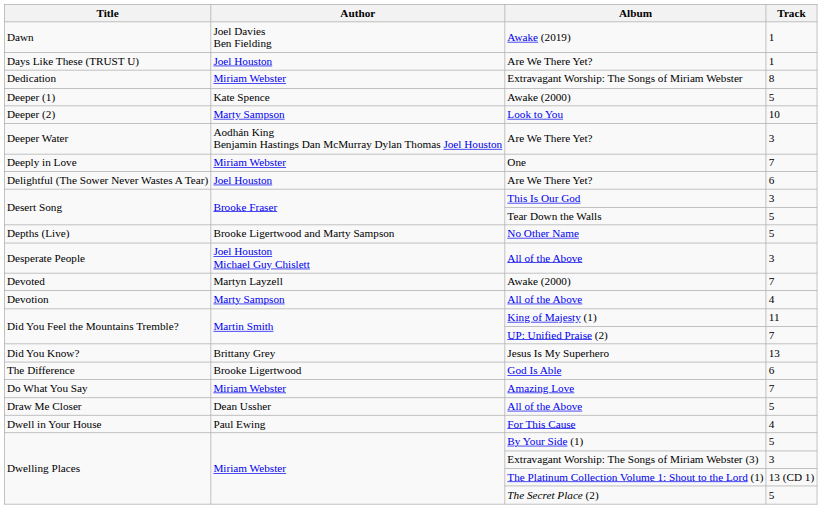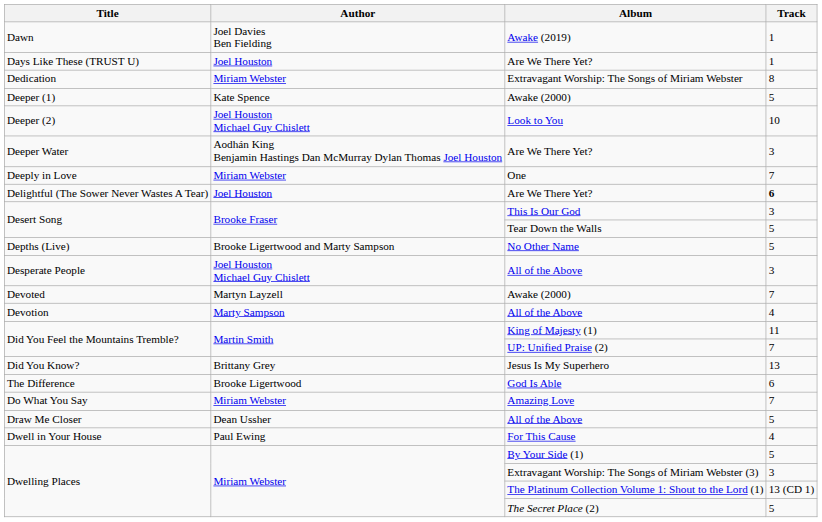 <table class="wikitable">
 <tr>
 <th>Title</th>
 <th>Author</th>
 <th>Album</th>
 <th>Track</th>
 </tr>
 <tr>
 <td>Dawn</td>
 <td>Joel Davies <br> Ben Fielding</td>
 <td><a href='#'>Awake</a> (2019)</td>
 <td>1</td>
 </tr>
 <tr>
 <td>Days Like These (TRUST U)</td>
 <td><a href='#'>Joel Houston</a></td>
 <td>Are We There Yet?</td>
 <td>1</td>
 </tr>
 <tr>
 <td>Dedication</td>
 <td><a href='#'>Miriam Webster</a></td>
 <td>Extravagant Worship: The Songs of Miriam Webster</td>
 <td>8</td>
 </tr>
 <tr>
 <td>Deeper (1)</td>
 <td>Kate Spence</td>
 <td>Awake (2000)</td>
 <td>5</td>
 </tr>
 <tr>
 <td>Deeper (2)</td>
-<td><a href='#'>Marty Sampson</a></td>
+<td><a href='#'>Joel Houston</a> <br> <a href='#'>Michael Guy Chislett</a></td>
 <td><a href='#'>Look to You</a></td>
 <td>10</td>
 </tr>
 <tr>
 <td>Deeper Water</td>
 <td>Aodhán King<br>Benjamin Hastings Dan McMurray Dylan Thomas <a href='#'>Joel Houston</a></td>
 <td>Are We There Yet?</td>
 <td>3</td>
 </tr>
 <tr>
 <td>Deeply in Love</td>
 <td><a href='#'>Miriam Webster</a></td>
 <td>One</td>
 <td>7</td>
 </tr>
 <tr>
 <td>Delightful (The Sower Never Wastes A Tear)</td>
 <td><a href='#'>Joel Houston</a></td>
 <td>Are We There Yet?</td>
-<td>6</td>
+<td><strong>6</strong></td>
 </tr>
 <tr>
 <td rowspan="2">Desert Song</td>
 <td rowspan="2"><a href='#'>Brooke Fraser</a></td>
 <td><a href='#'>This Is Our God</a></td>
 <td>3</td>
 </tr>
 <tr>
 <td>Tear Down the Walls</td>
 <td>5</td>
 </tr>
 <tr>
 <td>Depths (Live)</td>
 <td>Brooke Ligertwood and Marty Sampson</td>
 <td><a href='#'>No Other Name</a></td>
 <td>5</td>
 </tr>
 <tr>
 <td>Desperate People</td>
 <td><a href='#'>Joel Houston</a> <br> <a href='#'>Michael Guy Chislett</a></td>
 <td><a href='#'>All of the Above</a></td>
 <td>3</td>
 </tr>
 <tr>
 <td>Devoted</td>
 <td>Martyn Layzell</td>
 <td>Awake (2000)</td>
 <td>7</td>
 </tr>
 <tr>
 <td>Devotion</td>
 <td><a href='#'>Marty Sampson</a></td>
 <td><a href='#'>All of the Above</a></td>
 <td>4</td>
 </tr>
 <tr>
 <td rowspan="2">Did You Feel the Mountains Tremble?</td>
 <td rowspan="2"><a href='#'>Martin Smith</a></td>
 <td><a href='#'>King of Majesty</a> (1)</td>
 <td>11</td>
 </tr>
 <tr>
 <td><a href='#'>UP: Unified Praise</a> (2)</td>
 <td>7</td>
 </tr>
 <tr>
 <td>Did You Know?</td>
 <td>Brittany Grey</td>
 <td>Jesus Is My Superhero</td>
 <td>13</td>
 </tr>
 <tr>
 <td>The Difference</td>
 <td>Brooke Ligertwood</td>
 <td><a href='#'>God Is Able</a></td>
 <td>6</td>
 </tr>
 <tr>
 <td>Do What You Say</td>
 <td><a href='#'>Miriam Webster</a></td>
 <td><a href='#'>Amazing Love</a></td>
 <td>7</td>
 </tr>
 <tr>
 <td>Draw Me Closer</td>
 <td>Dean Ussher</td>
 <td><a href='#'>All of the Above</a></td>
 <td>5</td>
 </tr>
 <tr>
 <td>Dwell in Your House</td>
 <td>Paul Ewing</td>
 <td><a href='#'>For This Cause</a></td>
 <td>4</td>
 </tr>
 <tr>
 <td rowspan="4">Dwelling Places</td>
 <td rowspan="4"><a href='#'>Miriam Webster</a></td>
 <td><a href='#'>By Your Side</a> (1)</td>
 <td>5</td>
 </tr>
 <tr>
 <td>Extravagant Worship: The Songs of Miriam Webster (3)</td>
 <td>3</td>
 </tr>
 <tr>
 <td><a href='#'>The Platinum Collection Volume 1: Shout to the Lord</a> (1)</td>
 <td>13 (CD 1)</td>
 </tr>
 <tr>
 <td><em>The Secret Place</em> (2)</td>
 <td>5</td>
 </tr>
 </table>
